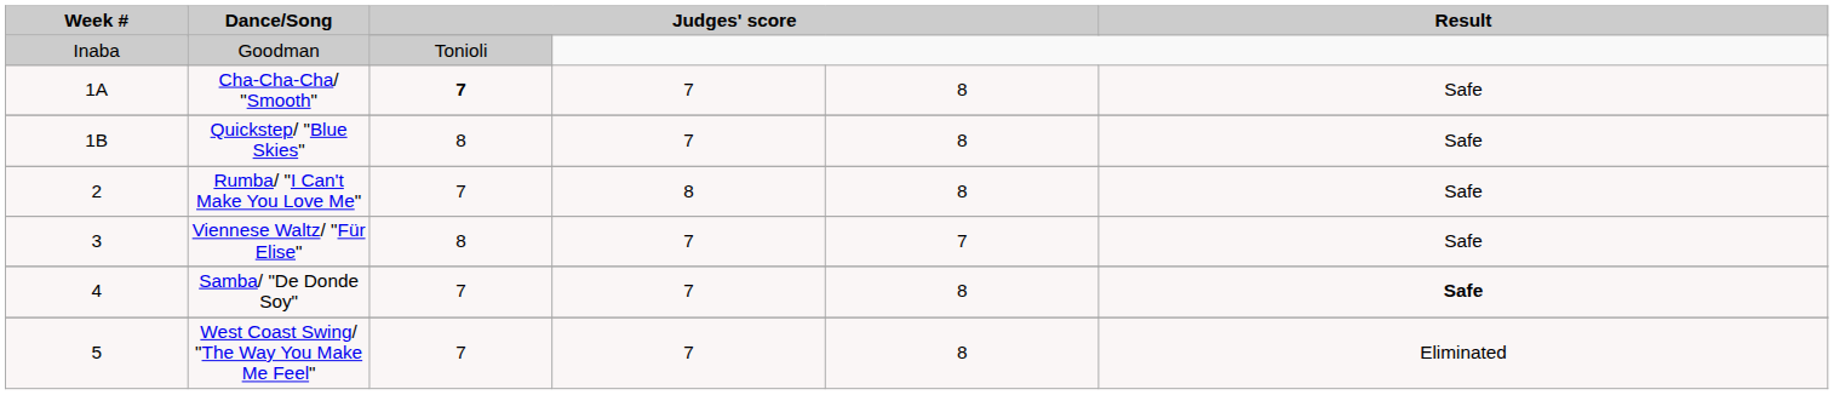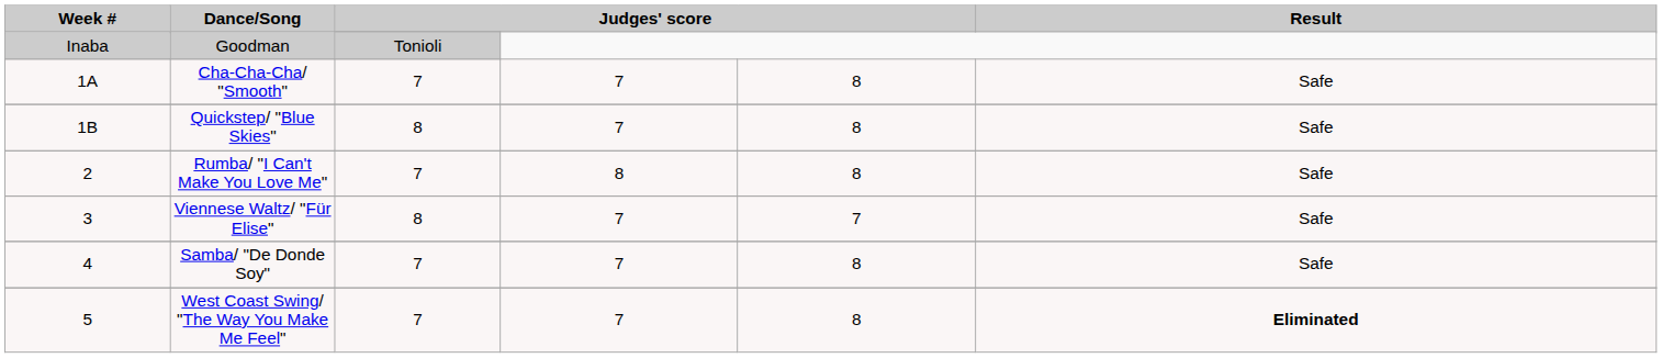 <table class="wikitable" align="left">
 <tr>
 <td rowspan="2" bgcolor="CCCCCC" align="Center"><strong>Week #</strong></td>
 <td rowspan="2" bgcolor="CCCCCC" align="Center"><strong>Dance/Song</strong></td>
 <td colspan="3" bgcolor="CCCCCC" align="Center"><strong>Judges' score</strong></td>
 <td rowspan="2" bgcolor="CCCCCC" align="Center"><strong>Result</strong></td>
 </tr>
 <tr>
 </tr>
 <tr>
 <td bgcolor="CCCCCC" width="10%" align="center">Inaba</td>
 <td bgcolor="CCCCCC" width="10%" align="center">Goodman</td>
 <td bgcolor="CCCCCC" width="10%" align="center">Tonioli</td>
 </tr>
 <tr>
 </tr>
 <tr>
 <td align="center" bgcolor="FAF6F6">1A</td>
 <td align="center" bgcolor="FAF6F6"><a href='#'>Cha-Cha-Cha</a>/ "<a href='#'>Smooth</a>"</td>
-<td align="center" bgcolor="FAF6F6"><strong>7</strong></td>
+<td align="center" bgcolor="FAF6F6">7</td>
 <td align="center" bgcolor="FAF6F6">7</td>
 <td align="center" bgcolor="FAF6F6">8</td>
 <td align="center" bgcolor="FAF6F6">Safe</td>
 </tr>
 <tr>
 </tr>
 <tr>
 <td align="center" bgcolor="FAF6F6">1B</td>
 <td align="center" bgcolor="FAF6F6"><a href='#'>Quickstep</a>/ "<a href='#'>Blue Skies</a>"</td>
 <td align="center" bgcolor="FAF6F6">8</td>
 <td align="center" bgcolor="FAF6F6">7</td>
 <td align="center" bgcolor="FAF6F6">8</td>
 <td align="center" bgcolor="FAF6F6">Safe</td>
 </tr>
 <tr>
 </tr>
 <tr>
 <td align="center" bgcolor="FAF6F6">2</td>
 <td align="center" bgcolor="FAF6F6"><a href='#'>Rumba</a>/ "<a href='#'>I Can't Make You Love Me</a>"</td>
 <td align="center" bgcolor="FAF6F6">7</td>
 <td align="center" bgcolor="FAF6F6">8</td>
 <td align="center" bgcolor="FAF6F6">8</td>
 <td align="center" bgcolor="FAF6F6">Safe</td>
 </tr>
 <tr>
 </tr>
 <tr>
 <td align="center" bgcolor="FAF6F6">3</td>
 <td align="center" bgcolor="FAF6F6"><a href='#'>Viennese Waltz</a>/ "<a href='#'>Für Elise</a>"</td>
 <td align="center" bgcolor="FAF6F6">8</td>
 <td align="center" bgcolor="FAF6F6">7</td>
 <td align="center" bgcolor="FAF6F6">7</td>
 <td align="center" bgcolor="FAF6F6">Safe</td>
 </tr>
 <tr>
 </tr>
 <tr>
 <td align="center" bgcolor="FAF6F6">4</td>
 <td align="center" bgcolor="FAF6F6"><a href='#'>Samba</a>/ "De Donde Soy"</td>
 <td align="center" bgcolor="FAF6F6">7</td>
 <td align="center" bgcolor="FAF6F6">7</td>
 <td align="center" bgcolor="FAF6F6">8</td>
-<td align="center" bgcolor="FAF6F6"><strong>Safe</strong></td>
+<td align="center" bgcolor="FAF6F6">Safe</td>
 </tr>
 <tr>
 </tr>
 <tr>
 <td align="center" bgcolor="FAF6F6">5</td>
 <td align="center" bgcolor="FAF6F6"><a href='#'>West Coast Swing</a>/ "<a href='#'>The Way You Make Me Feel</a>"</td>
 <td align="center" bgcolor="FAF6F6">7</td>
 <td align="center" bgcolor="FAF6F6">7</td>
 <td align="center" bgcolor="FAF6F6">8</td>
-<td align="center" bgcolor="FAF6F6">Eliminated</td>
+<td align="center" bgcolor="FAF6F6"><strong>Eliminated</strong></td>
 </tr>
 </table>
